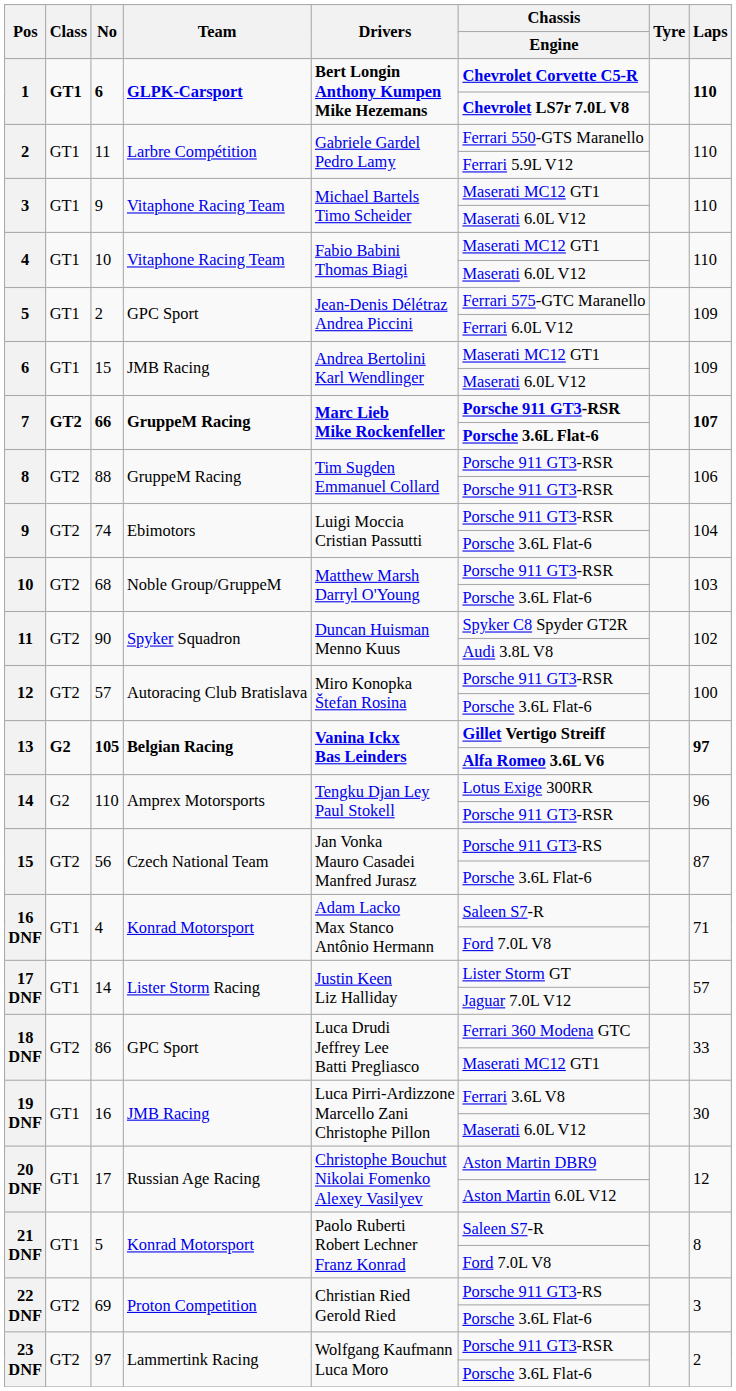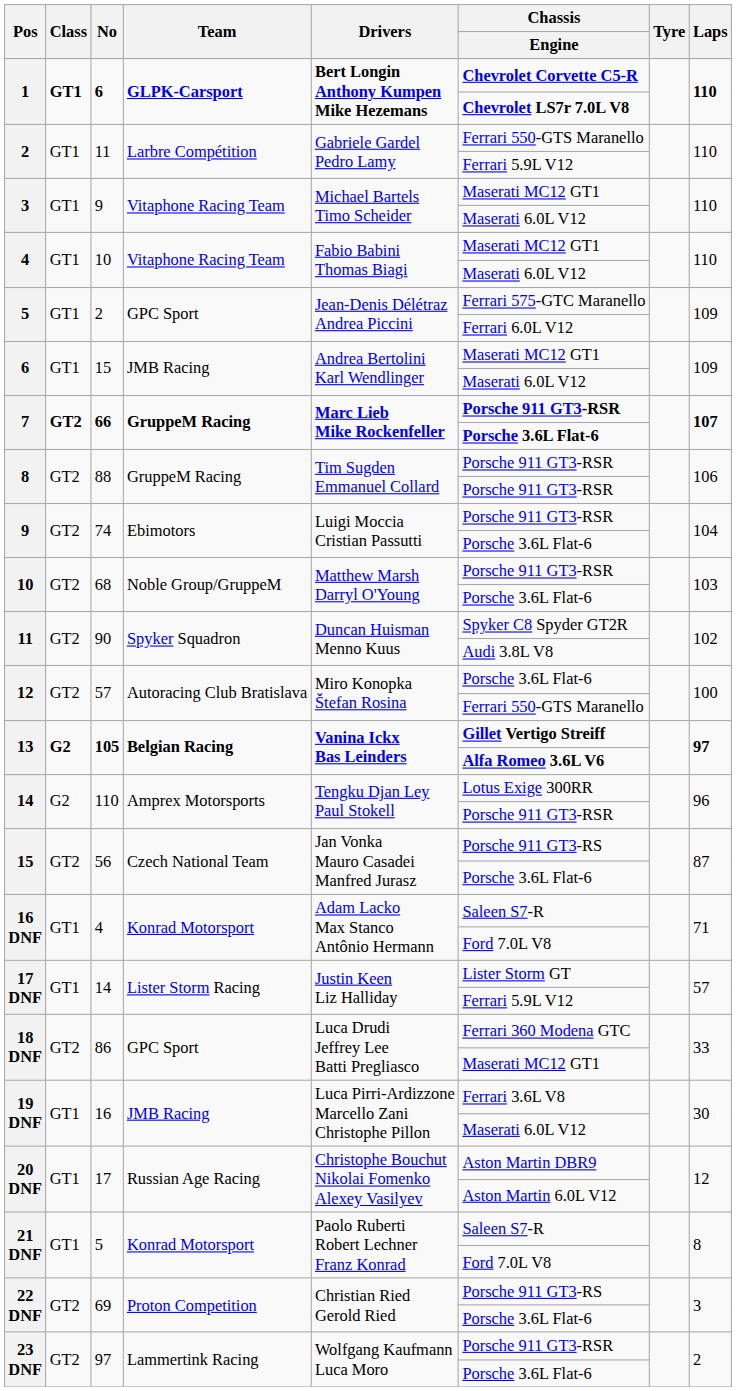 <table class="wikitable" style="font-size: 95%;">
 <tr>
 <th rowspan=2>Pos</th>
 <th rowspan=2>Class</th>
 <th rowspan=2>No</th>
 <th rowspan=2>Team</th>
 <th rowspan=2>Drivers</th>
 <th>Chassis</th>
 <th rowspan=2>Tyre</th>
 <th rowspan=2>Laps</th>
 </tr>
 <tr>
 <th>Engine</th>
 </tr>
 <tr style="font-weight:bold">
 <th rowspan=2>1</th>
 <td rowspan=2>GT1</td>
 <td rowspan=2>6</td>
 <td rowspan=2> <a href='#'>GLPK-Carsport</a></td>
 <td rowspan=2> Bert Longin<br> <a href='#'>Anthony Kumpen</a><br> Mike Hezemans</td>
 <td><a href='#'>Chevrolet Corvette C5-R</a></td>
 <td rowspan=2></td>
 <td rowspan=2>110</td>
 </tr>
 <tr style="font-weight:bold">
 <td><a href='#'>Chevrolet</a> LS7r 7.0L V8</td>
 </tr>
 <tr>
 <th rowspan=2>2</th>
 <td rowspan=2>GT1</td>
 <td rowspan=2>11</td>
 <td rowspan=2> <a href='#'>Larbre Compétition</a></td>
 <td rowspan=2> <a href='#'>Gabriele Gardel</a><br> <a href='#'>Pedro Lamy</a></td>
 <td><a href='#'>Ferrari 550</a>-GTS Maranello</td>
 <td rowspan=2></td>
 <td rowspan=2>110</td>
 </tr>
 <tr>
 <td><a href='#'>Ferrari</a> 5.9L V12</td>
 </tr>
 <tr>
 <th rowspan=2>3</th>
 <td rowspan=2>GT1</td>
 <td rowspan=2>9</td>
 <td rowspan=2> <a href='#'>Vitaphone Racing Team</a></td>
 <td rowspan=2> <a href='#'>Michael Bartels</a><br> <a href='#'>Timo Scheider</a></td>
 <td><a href='#'>Maserati MC12</a> GT1</td>
 <td rowspan=2></td>
 <td rowspan=2>110</td>
 </tr>
 <tr>
 <td><a href='#'>Maserati</a> 6.0L V12</td>
 </tr>
 <tr>
 <th rowspan=2>4</th>
 <td rowspan=2>GT1</td>
 <td rowspan=2>10</td>
 <td rowspan=2> <a href='#'>Vitaphone Racing Team</a></td>
 <td rowspan=2> <a href='#'>Fabio Babini</a><br> <a href='#'>Thomas Biagi</a></td>
 <td><a href='#'>Maserati MC12</a> GT1</td>
 <td rowspan=2></td>
 <td rowspan=2>110</td>
 </tr>
 <tr>
 <td><a href='#'>Maserati</a> 6.0L V12</td>
 </tr>
 <tr>
 <th rowspan=2>5</th>
 <td rowspan=2>GT1</td>
 <td rowspan=2>2</td>
 <td rowspan=2> GPC Sport</td>
 <td rowspan=2> <a href='#'>Jean-Denis Délétraz</a><br> <a href='#'>Andrea Piccini</a></td>
 <td><a href='#'>Ferrari 575</a>-GTC Maranello</td>
 <td rowspan=2></td>
 <td rowspan=2>109</td>
 </tr>
 <tr>
 <td><a href='#'>Ferrari</a> 6.0L V12</td>
 </tr>
 <tr>
 <th rowspan=2>6</th>
 <td rowspan=2>GT1</td>
 <td rowspan=2>15</td>
 <td rowspan=2> JMB Racing</td>
 <td rowspan=2> <a href='#'>Andrea Bertolini</a><br> <a href='#'>Karl Wendlinger</a></td>
 <td><a href='#'>Maserati MC12</a> GT1</td>
 <td rowspan=2></td>
 <td rowspan=2>109</td>
 </tr>
 <tr>
 <td><a href='#'>Maserati</a> 6.0L V12</td>
 </tr>
 <tr style="font-weight:bold">
 <th rowspan=2>7</th>
 <td rowspan=2>GT2</td>
 <td rowspan=2>66</td>
 <td rowspan=2> GruppeM Racing</td>
 <td rowspan=2> <a href='#'>Marc Lieb</a><br> <a href='#'>Mike Rockenfeller</a></td>
 <td><a href='#'>Porsche 911 GT3</a>-RSR</td>
 <td rowspan=2></td>
 <td rowspan=2>107</td>
 </tr>
 <tr style="font-weight:bold">
 <td><a href='#'>Porsche</a> 3.6L Flat-6</td>
 </tr>
 <tr>
 <th rowspan=2>8</th>
 <td rowspan=2>GT2</td>
 <td rowspan=2>88</td>
 <td rowspan=2> GruppeM Racing</td>
 <td rowspan=2> <a href='#'>Tim Sugden</a><br> <a href='#'>Emmanuel Collard</a></td>
 <td><a href='#'>Porsche 911 GT3</a>-RSR</td>
 <td rowspan=2></td>
 <td rowspan=2>106</td>
 </tr>
 <tr>
 <td><a href='#'>Porsche 911 GT3</a>-RSR</td>
 </tr>
 <tr>
 <th rowspan=2>9</th>
 <td rowspan=2>GT2</td>
 <td rowspan=2>74</td>
 <td rowspan=2> Ebimotors</td>
 <td rowspan=2> Luigi Moccia<br> Cristian Passutti</td>
 <td><a href='#'>Porsche 911 GT3</a>-RSR</td>
 <td rowspan=2></td>
 <td rowspan=2>104</td>
 </tr>
 <tr>
 <td><a href='#'>Porsche</a> 3.6L Flat-6</td>
 </tr>
 <tr>
 <th rowspan=2>10</th>
 <td rowspan=2>GT2</td>
 <td rowspan=2>68</td>
 <td rowspan=2> Noble Group/GruppeM</td>
 <td rowspan=2> <a href='#'>Matthew Marsh</a><br> <a href='#'>Darryl O'Young</a></td>
 <td><a href='#'>Porsche 911 GT3</a>-RSR</td>
 <td rowspan=2></td>
 <td rowspan=2>103</td>
 </tr>
 <tr>
 <td><a href='#'>Porsche</a> 3.6L Flat-6</td>
 </tr>
 <tr>
 <th rowspan=2>11</th>
 <td rowspan=2>GT2</td>
 <td rowspan=2>90</td>
 <td rowspan=2> <a href='#'>Spyker</a> Squadron</td>
 <td rowspan=2> <a href='#'>Duncan Huisman</a><br> Menno Kuus</td>
 <td><a href='#'>Spyker C8</a> Spyder GT2R</td>
 <td rowspan=2></td>
 <td rowspan=2>102</td>
 </tr>
 <tr>
 <td><a href='#'>Audi</a> 3.8L V8</td>
 </tr>
 <tr>
 <th rowspan=2>12</th>
 <td rowspan=2>GT2</td>
 <td rowspan=2>57</td>
 <td rowspan=2> Autoracing Club Bratislava</td>
 <td rowspan=2> Miro Konopka<br> <a href='#'>Štefan Rosina</a></td>
-<td><a href='#'>Porsche 911 GT3</a>-RSR</td>
+<td><a href='#'>Porsche</a> 3.6L Flat-6</td>
 <td rowspan=2></td>
 <td rowspan=2>100</td>
 </tr>
 <tr>
-<td><a href='#'>Porsche</a> 3.6L Flat-6</td>
+<td><a href='#'>Ferrari 550</a>-GTS Maranello</td>
 </tr>
 <tr style="font-weight:bold">
 <th rowspan=2>13</th>
 <td rowspan=2>G2</td>
 <td rowspan=2>105</td>
 <td rowspan=2> Belgian Racing</td>
 <td rowspan=2> <a href='#'>Vanina Ickx</a><br> <a href='#'>Bas Leinders</a></td>
 <td><a href='#'>Gillet</a> Vertigo Streiff</td>
 <td rowspan=2></td>
 <td rowspan=2>97</td>
 </tr>
 <tr style="font-weight:bold">
 <td><a href='#'>Alfa Romeo</a> 3.6L V6</td>
 </tr>
 <tr>
 <th rowspan=2>14</th>
 <td rowspan=2>G2</td>
 <td rowspan=2>110</td>
 <td rowspan=2> Amprex Motorsports</td>
 <td rowspan=2> <a href='#'>Tengku Djan Ley</a><br> <a href='#'>Paul Stokell</a></td>
 <td><a href='#'>Lotus Exige</a> 300RR</td>
 <td rowspan=2></td>
 <td rowspan=2>96</td>
 </tr>
 <tr>
 <td><a href='#'>Porsche 911 GT3</a>-RSR</td>
 </tr>
 <tr>
 <th rowspan=2>15</th>
 <td rowspan=2>GT2</td>
 <td rowspan=2>56</td>
 <td rowspan=2> Czech National Team</td>
 <td rowspan=2> Jan Vonka<br> Mauro Casadei<br> Manfred Jurasz</td>
 <td><a href='#'>Porsche 911 GT3</a>-RS</td>
 <td rowspan=2></td>
 <td rowspan=2>87</td>
 </tr>
 <tr>
 <td><a href='#'>Porsche</a> 3.6L Flat-6</td>
 </tr>
 <tr>
 <th rowspan=2>16<br>DNF</th>
 <td rowspan=2>GT1</td>
 <td rowspan=2>4</td>
 <td rowspan=2> <a href='#'>Konrad Motorsport</a></td>
 <td rowspan=2> <a href='#'>Adam Lacko</a><br> Max Stanco<br> Antônio Hermann</td>
 <td><a href='#'>Saleen S7</a>-R</td>
 <td rowspan=2></td>
 <td rowspan=2>71</td>
 </tr>
 <tr>
 <td><a href='#'>Ford</a> 7.0L V8</td>
 </tr>
 <tr>
 <th rowspan=2>17<br>DNF</th>
 <td rowspan=2>GT1</td>
 <td rowspan=2>14</td>
 <td rowspan=2> <a href='#'>Lister Storm</a> Racing</td>
 <td rowspan=2> <a href='#'>Justin Keen</a><br> Liz Halliday</td>
 <td><a href='#'>Lister Storm</a> GT</td>
 <td rowspan=2></td>
 <td rowspan=2>57</td>
 </tr>
 <tr>
-<td><a href='#'>Jaguar</a> 7.0L V12</td>
+<td><a href='#'>Ferrari</a> 5.9L V12</td>
 </tr>
 <tr>
 <th rowspan=2>18<br>DNF</th>
 <td rowspan=2>GT2</td>
 <td rowspan=2>86</td>
 <td rowspan=2> GPC Sport</td>
 <td rowspan=2> Luca Drudi<br> Jeffrey Lee<br> Batti Pregliasco</td>
 <td><a href='#'>Ferrari 360 Modena</a> GTC</td>
 <td rowspan=2></td>
 <td rowspan=2>33</td>
 </tr>
 <tr>
 <td><a href='#'>Maserati MC12</a> GT1</td>
 </tr>
 <tr>
 <th rowspan=2>19<br>DNF</th>
 <td rowspan=2>GT1</td>
 <td rowspan=2>16</td>
 <td rowspan=2> <a href='#'>JMB Racing</a></td>
 <td rowspan=2> Luca Pirri-Ardizzone<br> Marcello Zani<br> Christophe Pillon</td>
 <td><a href='#'>Ferrari</a> 3.6L V8</td>
 <td rowspan=2></td>
 <td rowspan=2>30</td>
 </tr>
 <tr>
 <td><a href='#'>Maserati</a> 6.0L V12</td>
 </tr>
 <tr>
 <th rowspan=2>20<br>DNF</th>
 <td rowspan=2>GT1</td>
 <td rowspan=2>17</td>
 <td rowspan=2> Russian Age Racing</td>
 <td rowspan=2> <a href='#'>Christophe Bouchut</a><br> <a href='#'>Nikolai Fomenko</a><br> <a href='#'>Alexey Vasilyev</a></td>
 <td><a href='#'>Aston Martin DBR9</a></td>
 <td rowspan=2></td>
 <td rowspan=2>12</td>
 </tr>
 <tr>
 <td><a href='#'>Aston Martin</a> 6.0L V12</td>
 </tr>
 <tr>
 <th rowspan=2>21<br>DNF</th>
 <td rowspan=2>GT1</td>
 <td rowspan=2>5</td>
 <td rowspan=2> <a href='#'>Konrad Motorsport</a></td>
 <td rowspan=2> Paolo Ruberti<br> Robert Lechner<br> <a href='#'>Franz Konrad</a></td>
 <td><a href='#'>Saleen S7</a>-R</td>
 <td rowspan=2></td>
 <td rowspan=2>8</td>
 </tr>
 <tr>
 <td><a href='#'>Ford</a> 7.0L V8</td>
 </tr>
 <tr>
 <th rowspan=2>22<br>DNF</th>
 <td rowspan=2>GT2</td>
 <td rowspan=2>69</td>
 <td rowspan=2> <a href='#'>Proton Competition</a></td>
 <td rowspan=2> Christian Ried<br> Gerold Ried</td>
 <td><a href='#'>Porsche 911 GT3</a>-RS</td>
 <td rowspan=2></td>
 <td rowspan=2>3</td>
 </tr>
 <tr>
 <td><a href='#'>Porsche</a> 3.6L Flat-6</td>
 </tr>
 <tr>
 <th rowspan=2>23<br>DNF</th>
 <td rowspan=2>GT2</td>
 <td rowspan=2>97</td>
 <td rowspan=2> Lammertink Racing</td>
 <td rowspan=2> Wolfgang Kaufmann<br> Luca Moro</td>
 <td><a href='#'>Porsche 911 GT3</a>-RSR</td>
 <td rowspan=2></td>
 <td rowspan=2>2</td>
 </tr>
 <tr>
 <td><a href='#'>Porsche</a> 3.6L Flat-6</td>
 </tr>
 </table>
